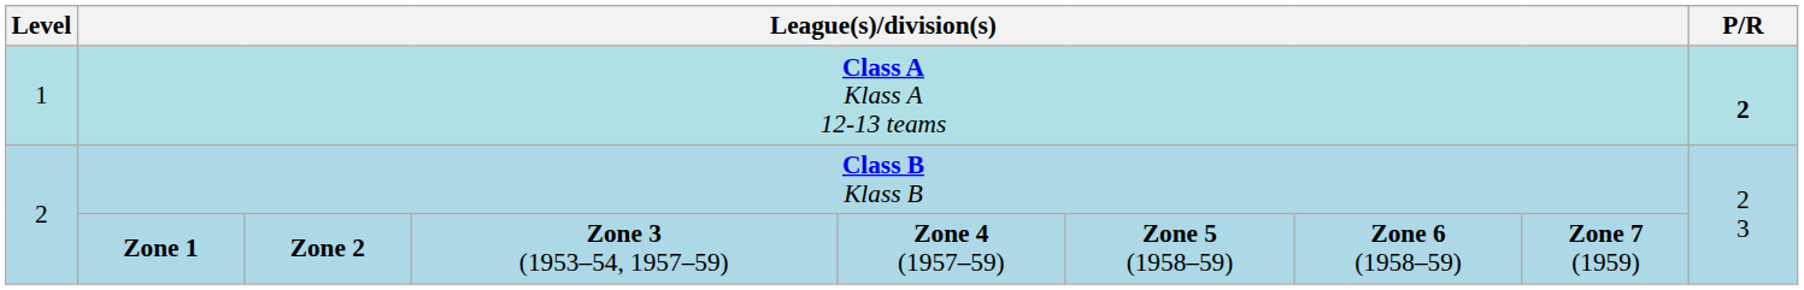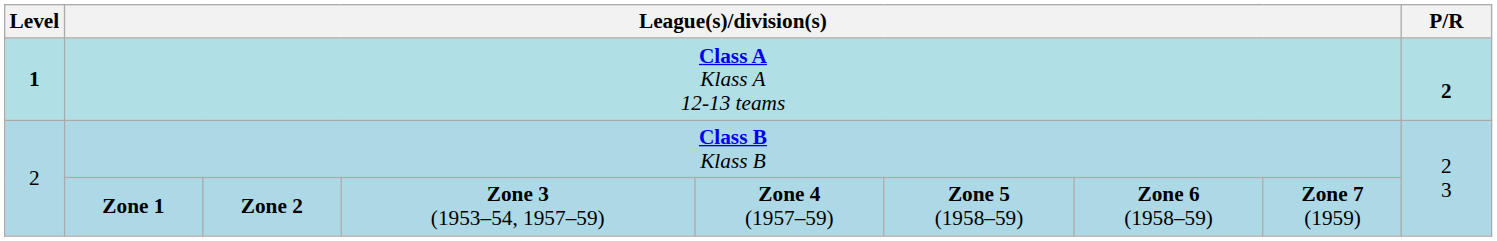 <table class="wikitable" style="text-align:center">
 <tr>
 <th style="width:4%">Level</th>
 <th colspan="7" style="width:90%">League(s)/division(s)</th>
 <th style="width:6%">P/R</th>
 </tr>
 <tr bgcolor=powderblue>
-<td>1</td>
+<td><strong>1</strong></td>
 <td colspan="7"><strong><a href='#'>Class A</a></strong><br><em>Klass A</em><br><em>12-13 teams</em></td>
 <td><strong><br> 2</strong></td>
 </tr>
 <tr bgcolor=lightblue>
 <td rowspan="2">2</td>
 <td colspan="7"><strong><a href='#'>Class B</a></strong><br><em>Klass B</em><br></td>
 <td rowspan="2"> 2<br> 3</td>
 </tr>
 <tr bgcolor=lightblue>
 <td><strong>Zone 1</strong><br></td>
 <td><strong>Zone 2</strong><br></td>
 <td><strong>Zone 3</strong><br>(1953–54, 1957–59)</td>
 <td><strong>Zone 4</strong><br>(1957–59)</td>
 <td><strong>Zone 5</strong><br>(1958–59)</td>
 <td><strong>Zone 6</strong><br>(1958–59)</td>
 <td><strong>Zone 7</strong><br>(1959)</td>
 </tr>
 </table>
